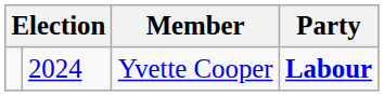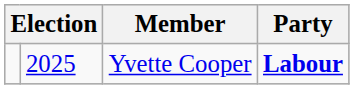 <table class="wikitable">
 <tr>
 <th colspan="2">Election</th>
 <th>Member</th>
 <th>Party</th>
 </tr>
 <tr>
 <td style="color:inherit;background-color: "></td>
-<td><a href='#'>2024</a></td>
+<td><a href='#'>2025</a></td>
 <td><a href='#'>Yvette Cooper</a></td>
 <td><strong><a href='#'>Labour</a></strong></td>
 </tr>
 </table>
